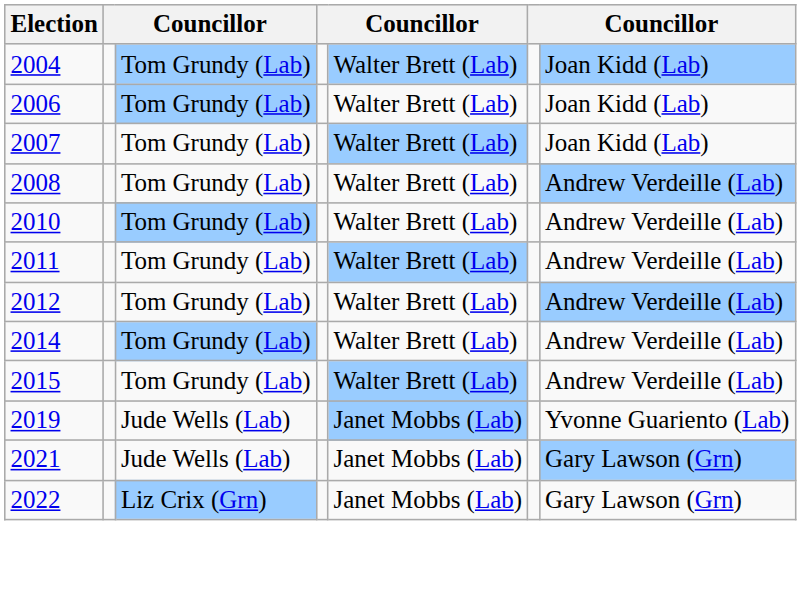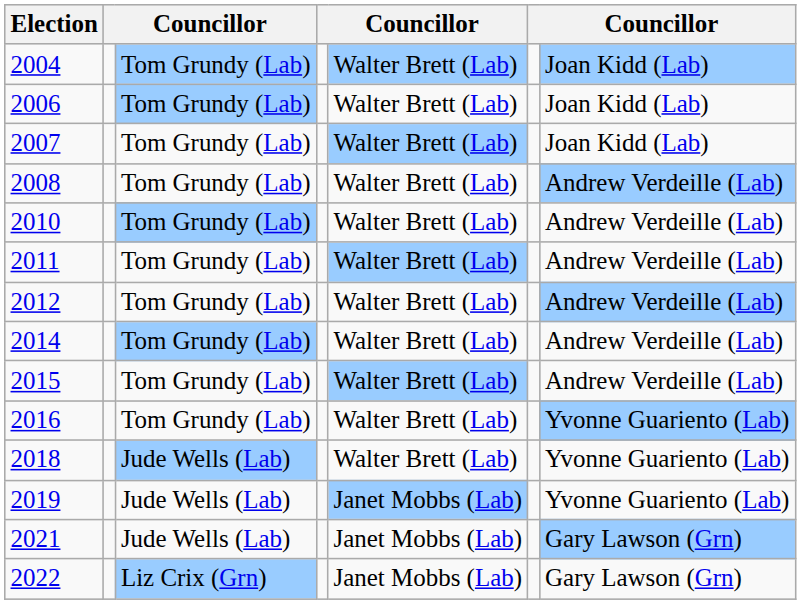 <table class="wikitable">
 <tr>
 <th>Election</th>
 <th colspan="2">Councillor</th>
 <th colspan="2">Councillor</th>
 <th colspan="2">Councillor</th>
 </tr>
 <tr>
 <td><a href='#'>2004</a></td>
 <td style="background-color: "></td>
 <td bgcolor="#99CCFF">Tom Grundy (<a href='#'>Lab</a>)</td>
 <td style="background-color: "></td>
 <td bgcolor="#99CCFF">Walter Brett (<a href='#'>Lab</a>)</td>
 <td style="background-color: "></td>
 <td bgcolor="#99CCFF">Joan Kidd (<a href='#'>Lab</a>)</td>
 </tr>
 <tr>
 <td><a href='#'>2006</a></td>
 <td style="background-color: "></td>
 <td bgcolor="#99CCFF">Tom Grundy (<a href='#'>Lab</a>)</td>
 <td style="background-color: "></td>
 <td>Walter Brett (<a href='#'>Lab</a>)</td>
 <td style="background-color: "></td>
 <td>Joan Kidd (<a href='#'>Lab</a>)</td>
 </tr>
 <tr>
 <td><a href='#'>2007</a></td>
 <td style="background-color: "></td>
 <td>Tom Grundy (<a href='#'>Lab</a>)</td>
 <td style="background-color: "></td>
 <td bgcolor="#99CCFF">Walter Brett (<a href='#'>Lab</a>)</td>
 <td style="background-color: "></td>
 <td>Joan Kidd (<a href='#'>Lab</a>)</td>
 </tr>
 <tr>
 <td><a href='#'>2008</a></td>
 <td style="background-color: "></td>
 <td>Tom Grundy (<a href='#'>Lab</a>)</td>
 <td style="background-color: "></td>
 <td>Walter Brett (<a href='#'>Lab</a>)</td>
 <td style="background-color: "></td>
 <td bgcolor="#99CCFF">Andrew Verdeille (<a href='#'>Lab</a>)</td>
 </tr>
 <tr>
 <td><a href='#'>2010</a></td>
 <td style="background-color: "></td>
 <td bgcolor="#99CCFF">Tom Grundy (<a href='#'>Lab</a>)</td>
 <td style="background-color: "></td>
 <td>Walter Brett (<a href='#'>Lab</a>)</td>
 <td style="background-color: "></td>
 <td>Andrew Verdeille (<a href='#'>Lab</a>)</td>
 </tr>
 <tr>
 <td><a href='#'>2011</a></td>
 <td style="background-color: "></td>
 <td>Tom Grundy (<a href='#'>Lab</a>)</td>
 <td style="background-color: "></td>
 <td bgcolor="#99CCFF">Walter Brett (<a href='#'>Lab</a>)</td>
 <td style="background-color: "></td>
 <td>Andrew Verdeille (<a href='#'>Lab</a>)</td>
 </tr>
 <tr>
 <td><a href='#'>2012</a></td>
 <td style="background-color: "></td>
 <td>Tom Grundy (<a href='#'>Lab</a>)</td>
 <td style="background-color: "></td>
 <td>Walter Brett (<a href='#'>Lab</a>)</td>
 <td style="background-color: "></td>
 <td bgcolor="#99CCFF">Andrew Verdeille (<a href='#'>Lab</a>)</td>
 </tr>
 <tr>
 <td><a href='#'>2014</a></td>
 <td style="background-color: "></td>
 <td bgcolor="#99CCFF">Tom Grundy (<a href='#'>Lab</a>)</td>
 <td style="background-color: "></td>
 <td>Walter Brett (<a href='#'>Lab</a>)</td>
 <td style="background-color: "></td>
 <td>Andrew Verdeille (<a href='#'>Lab</a>)</td>
 </tr>
 <tr>
 <td><a href='#'>2015</a></td>
 <td style="background-color: "></td>
 <td>Tom Grundy (<a href='#'>Lab</a>)</td>
 <td style="background-color: "></td>
 <td bgcolor="#99CCFF">Walter Brett (<a href='#'>Lab</a>)</td>
 <td style="background-color: "></td>
 <td>Andrew Verdeille (<a href='#'>Lab</a>)</td>
 </tr>
 <tr>
+<td><a href='#'>2016</a></td>
+<td style="background-color: "></td>
+<td>Tom Grundy (<a href='#'>Lab</a>)</td>
+<td style="background-color: "></td>
+<td>Walter Brett (<a href='#'>Lab</a>)</td>
+<td style="background-color: "></td>
+<td bgcolor="#99CCFF">Yvonne Guariento (<a href='#'>Lab</a>)</td>
+</tr>
+<tr>
+<td><a href='#'>2018</a></td>
+<td style="background-color: "></td>
+<td bgcolor="#99CCFF">Jude Wells (<a href='#'>Lab</a>)</td>
+<td style="background-color: "></td>
+<td>Walter Brett (<a href='#'>Lab</a>)</td>
+<td style="background-color: "></td>
+<td>Yvonne Guariento (<a href='#'>Lab</a>)</td>
+</tr>
+<tr>
 <td><a href='#'>2019</a></td>
 <td style="background-color: "></td>
 <td>Jude Wells (<a href='#'>Lab</a>)</td>
 <td style="background-color: "></td>
 <td bgcolor="#99CCFF">Janet Mobbs (<a href='#'>Lab</a>)</td>
 <td style="background-color: "></td>
 <td>Yvonne Guariento (<a href='#'>Lab</a>)</td>
 </tr>
 <tr>
 <td><a href='#'>2021</a></td>
 <td style="background-color: "></td>
 <td>Jude Wells (<a href='#'>Lab</a>)</td>
 <td style="background-color: "></td>
 <td>Janet Mobbs (<a href='#'>Lab</a>)</td>
 <td style="background-color: "></td>
 <td bgcolor="#99CCFF">Gary Lawson (<a href='#'>Grn</a>)</td>
 </tr>
 <tr>
 <td><a href='#'>2022</a></td>
 <td style="background-color: "></td>
 <td bgcolor="#99CCFF">Liz Crix (<a href='#'>Grn</a>)</td>
 <td style="background-color: "></td>
 <td>Janet Mobbs (<a href='#'>Lab</a>)</td>
 <td style="background-color: "></td>
 <td>Gary Lawson (<a href='#'>Grn</a>)</td>
 </tr>
 </table>
